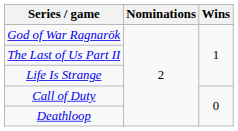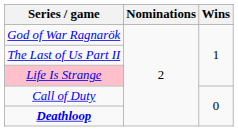 <table class="wikitable sortable plainrowheaders" style="text-align:center;">
 <tr>
 <th scope="col">Series / game</th>
 <th scope="col">Nominations</th>
 <th scope="col">Wins</th>
 </tr>
 <tr>
 <td><em><a href='#'>God of War Ragnarök</a></em></td>
 <td rowspan="5">2</td>
 <td rowspan="3">1</td>
 </tr>
 <tr>
 <td><em><a href='#'>The Last of Us Part II</a></em></td>
 </tr>
 <tr>
-<td><em><a href='#'>Life Is Strange</a></em></td>
+<td style="background: pink;"><em><a href='#'>Life Is Strange</a></em></td>
 </tr>
 <tr>
 <td><em><a href='#'>Call of Duty</a></em></td>
 <td rowspan="2">0</td>
 </tr>
 <tr>
-<td><em><a href='#'>Deathloop</a></em></td>
+<td><strong><em><a href='#'>Deathloop</a></em></strong></td>
 </tr>
 </table>
